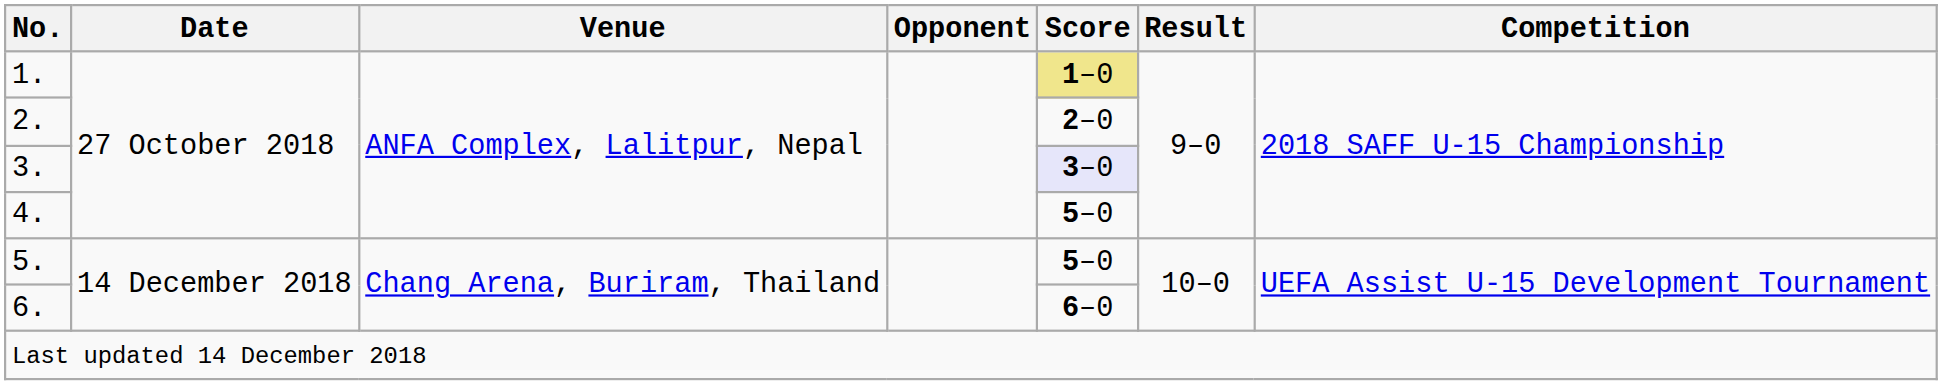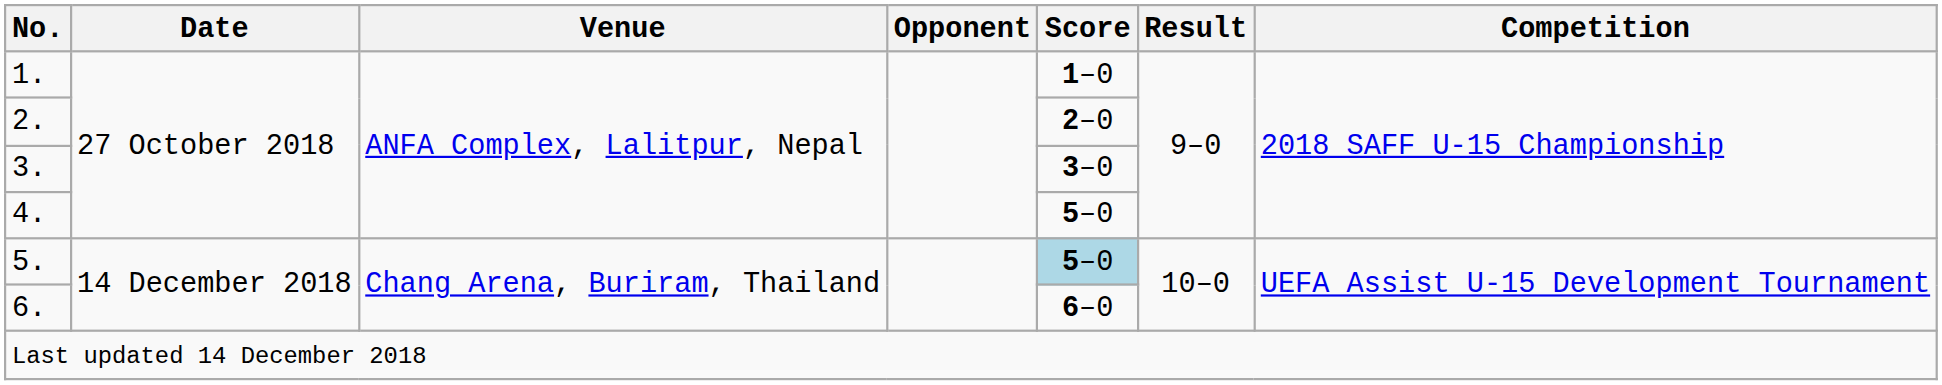 <table class="wikitable" style="font-size:100%;">
 <tr>
 <th>No.</th>
 <th>Date</th>
 <th>Venue</th>
 <th>Opponent</th>
 <th>Score</th>
 <th>Result</th>
 <th>Competition</th>
 </tr>
 <tr>
 <td>1.</td>
 <td rowspan=4>27 October 2018</td>
 <td rowspan="4"><a href='#'>ANFA Complex</a>, <a href='#'>Lalitpur</a>, Nepal</td>
 <td rowspan=4></td>
-<td align=center style="background: khaki;"><strong>1</strong>–0</td>
+<td align=center><strong>1</strong>–0</td>
 <td align=center rowspan=4>9–0</td>
 <td rowspan="4"><a href='#'>2018 SAFF U-15 Championship</a></td>
 </tr>
 <tr>
 <td>2.</td>
 <td align=center><strong>2</strong>–0</td>
 </tr>
 <tr>
 <td>3.</td>
-<td align=center style="background: lavender;"><strong>3</strong>–0</td>
+<td align=center><strong>3</strong>–0</td>
 </tr>
 <tr>
 <td>4.</td>
 <td align=center><strong>5</strong>–0</td>
 </tr>
 <tr>
 <td>5.</td>
 <td rowspan=2>14 December 2018</td>
 <td rowspan="2"><a href='#'>Chang Arena</a>, <a href='#'>Buriram</a>, Thailand</td>
 <td rowspan=2></td>
-<td align=center><strong>5</strong>–0</td>
+<td align=center style="background: lightblue;"><strong>5</strong>–0</td>
 <td rowspan=2 align=center>10–0</td>
 <td rowspan="2"><a href='#'>UEFA Assist U-15 Development Tournament</a></td>
 </tr>
 <tr>
 <td>6.</td>
 <td align=center><strong>6</strong>–0</td>
 </tr>
 <tr>
 <td colspan="7"><small>Last updated 14 December 2018</small></td>
 </tr>
 </table>
